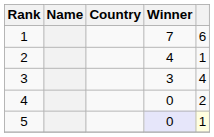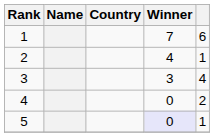 <table class="wikitable sortable plainrowheaders" style="font-size:100%; text-align: center;">
 <tr>
 <th scope=col>Rank</th>
 <th scope=col>Name</th>
 <th scope=col>Country</th>
 <th scope=col>Winner</th>
 <th scope=col></th>
 </tr>
 <tr>
 <td>1</td>
 <th scope=row></th>
 <td align="left"></td>
 <td>7</td>
 <td>6</td>
 </tr>
 <tr>
 <td>2</td>
 <th scope=row></th>
 <td align="left"></td>
 <td>4</td>
 <td>1</td>
 </tr>
 <tr>
 <td>3</td>
 <th scope=row></th>
 <td align="left"></td>
 <td>3</td>
 <td>4</td>
 </tr>
 <tr>
 <td>4</td>
 <th scope=row></th>
 <td align="left"></td>
 <td>0</td>
 <td>2</td>
 </tr>
 <tr>
 <td>5</td>
 <th scope=row></th>
 <td align="left"></td>
 <td style="background: lavender;">0</td>
-<td style="background: lightyellow;">1</td>
+<td>1</td>
 </tr>
 <tr>
 </tr>
 </table>
